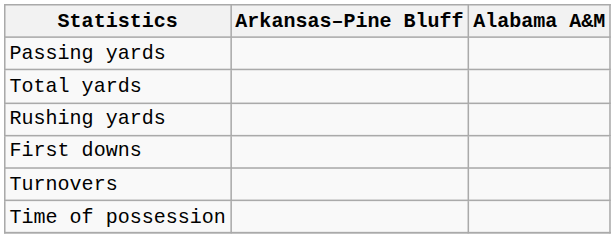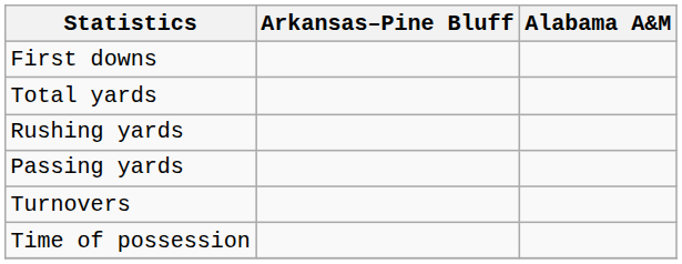 <table class="wikitable">
 <tr>
 <th>Statistics</th>
 <th>Arkansas–Pine Bluff</th>
 <th>Alabama A&M</th>
 </tr>
 <tr>
-<td>Passing yards</td>
+<td>First downs</td>
 <td> </td>
 <td> </td>
 </tr>
 <tr>
 <td>Total yards</td>
 <td> </td>
 <td> </td>
 </tr>
 <tr>
 <td>Rushing yards</td>
 <td> </td>
 <td> </td>
 </tr>
 <tr>
-<td>First downs</td>
+<td>Passing yards</td>
 <td> </td>
 <td> </td>
 </tr>
 <tr>
 <td>Turnovers</td>
 <td> </td>
 <td> </td>
 </tr>
 <tr>
 <td>Time of possession</td>
 <td> </td>
 <td> </td>
 </tr>
 <tr>
 </tr>
 </table>
